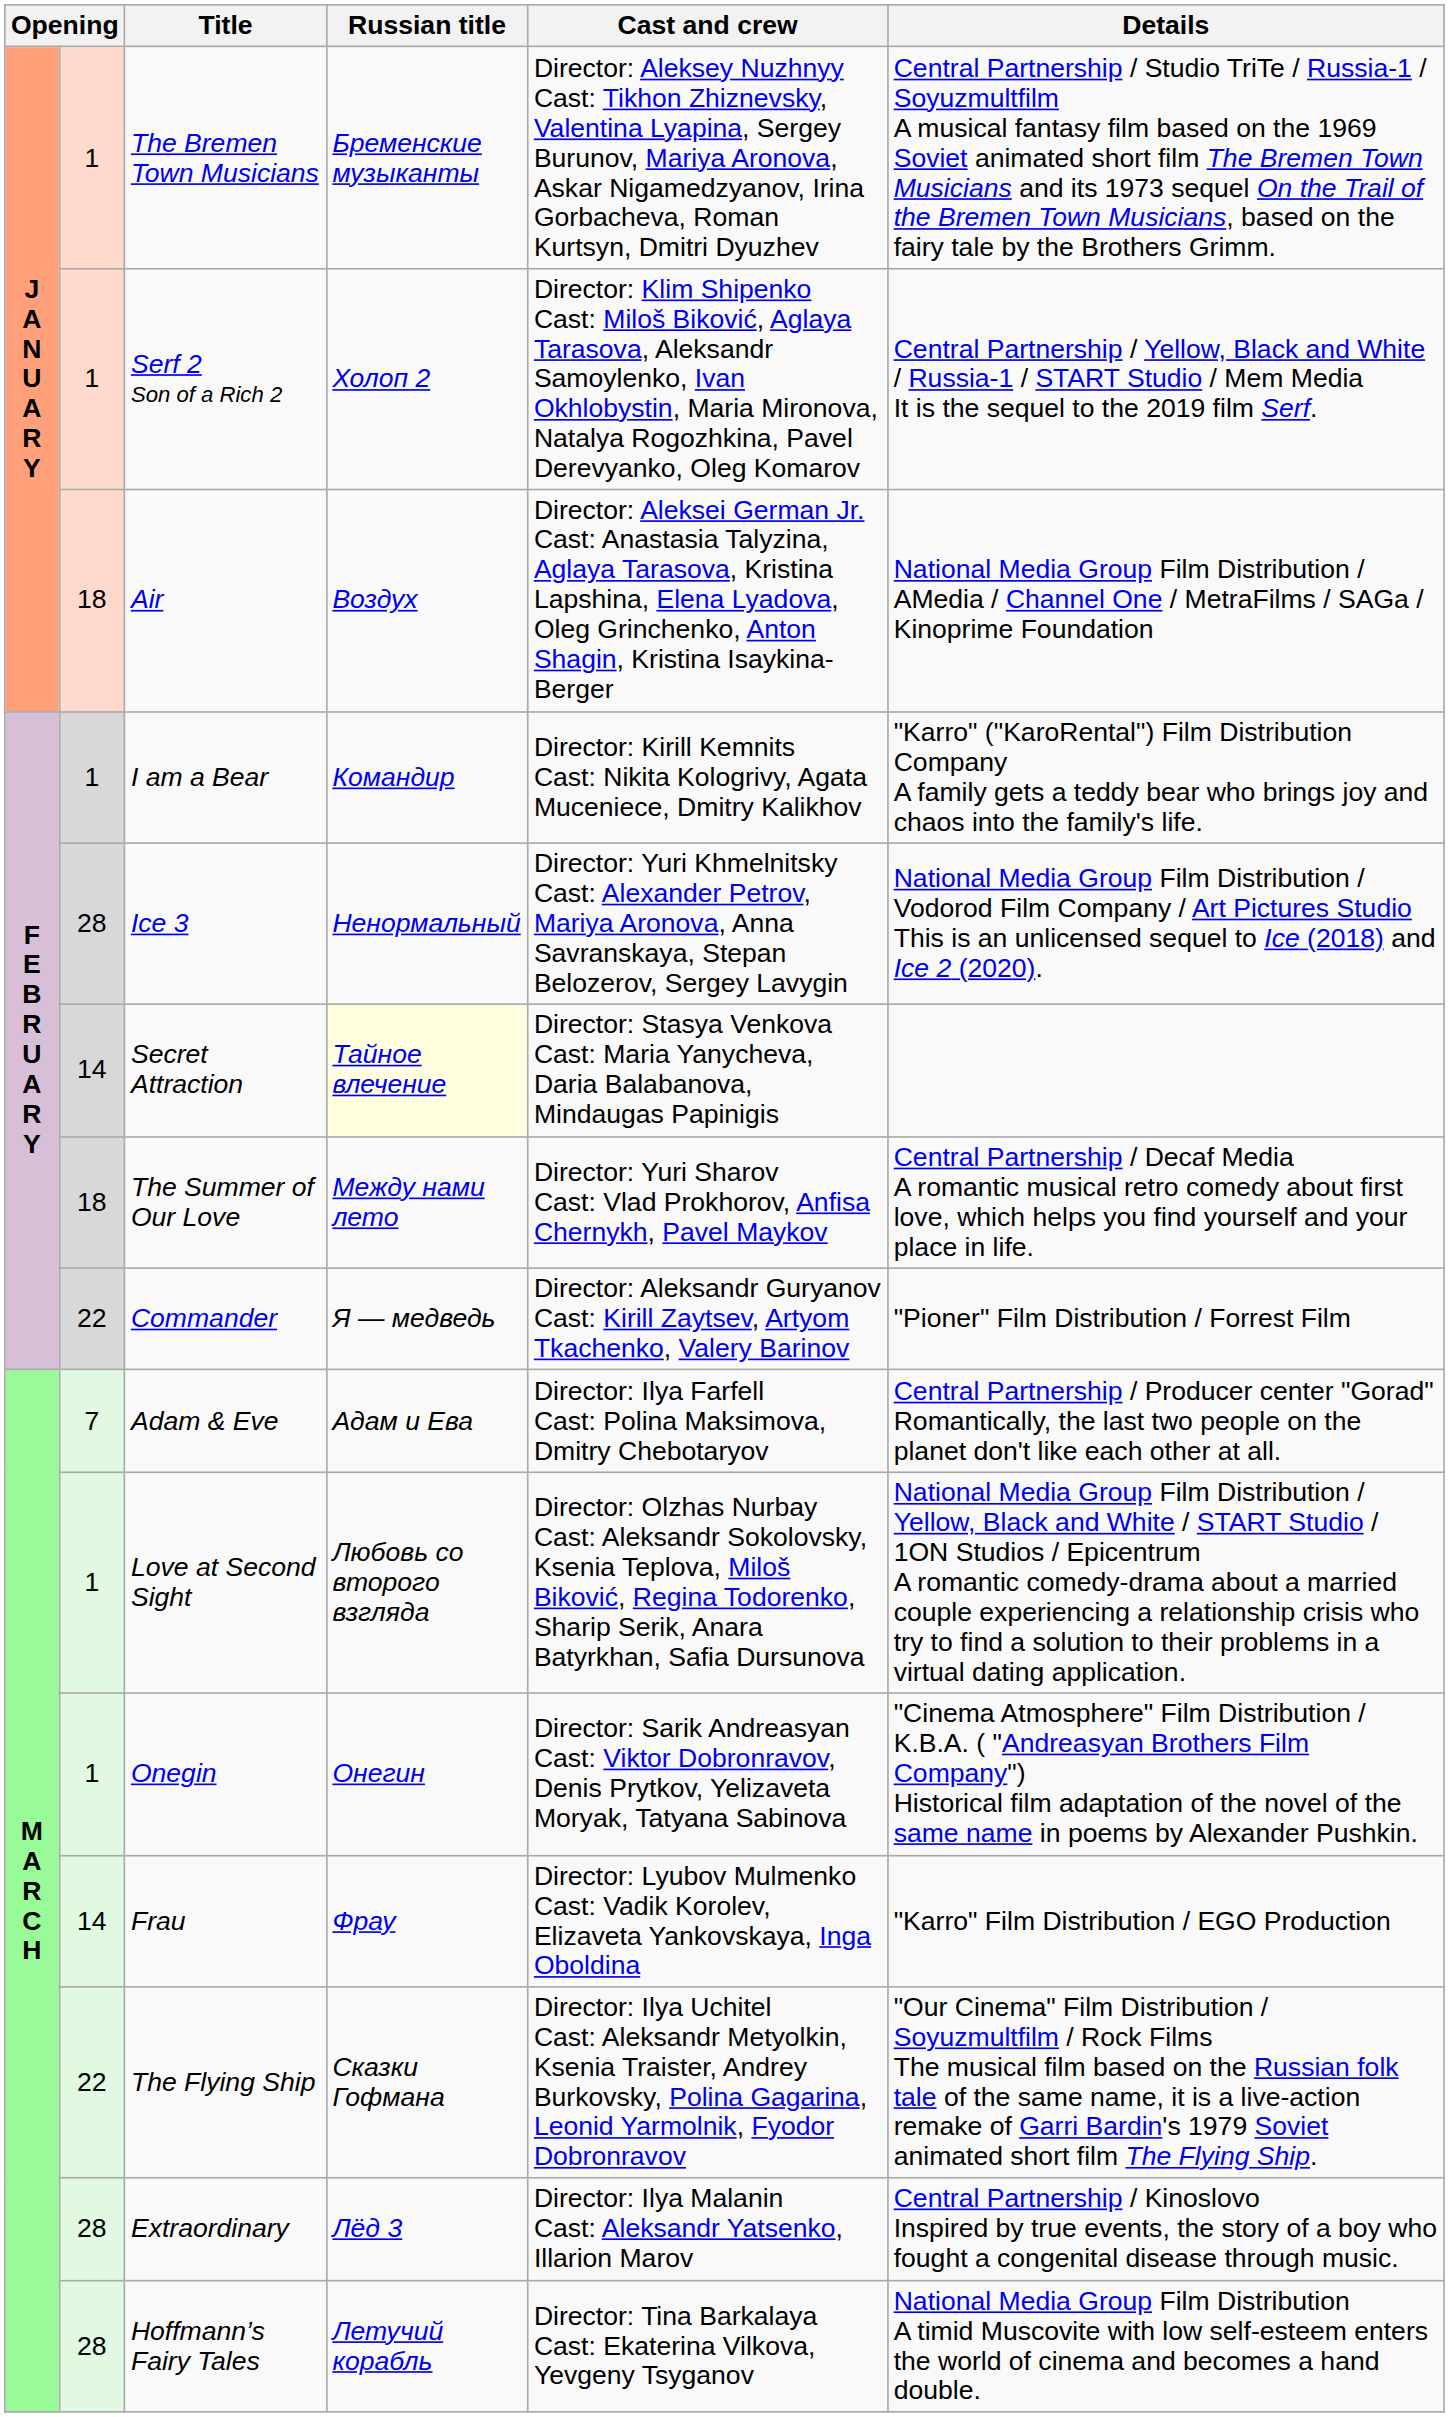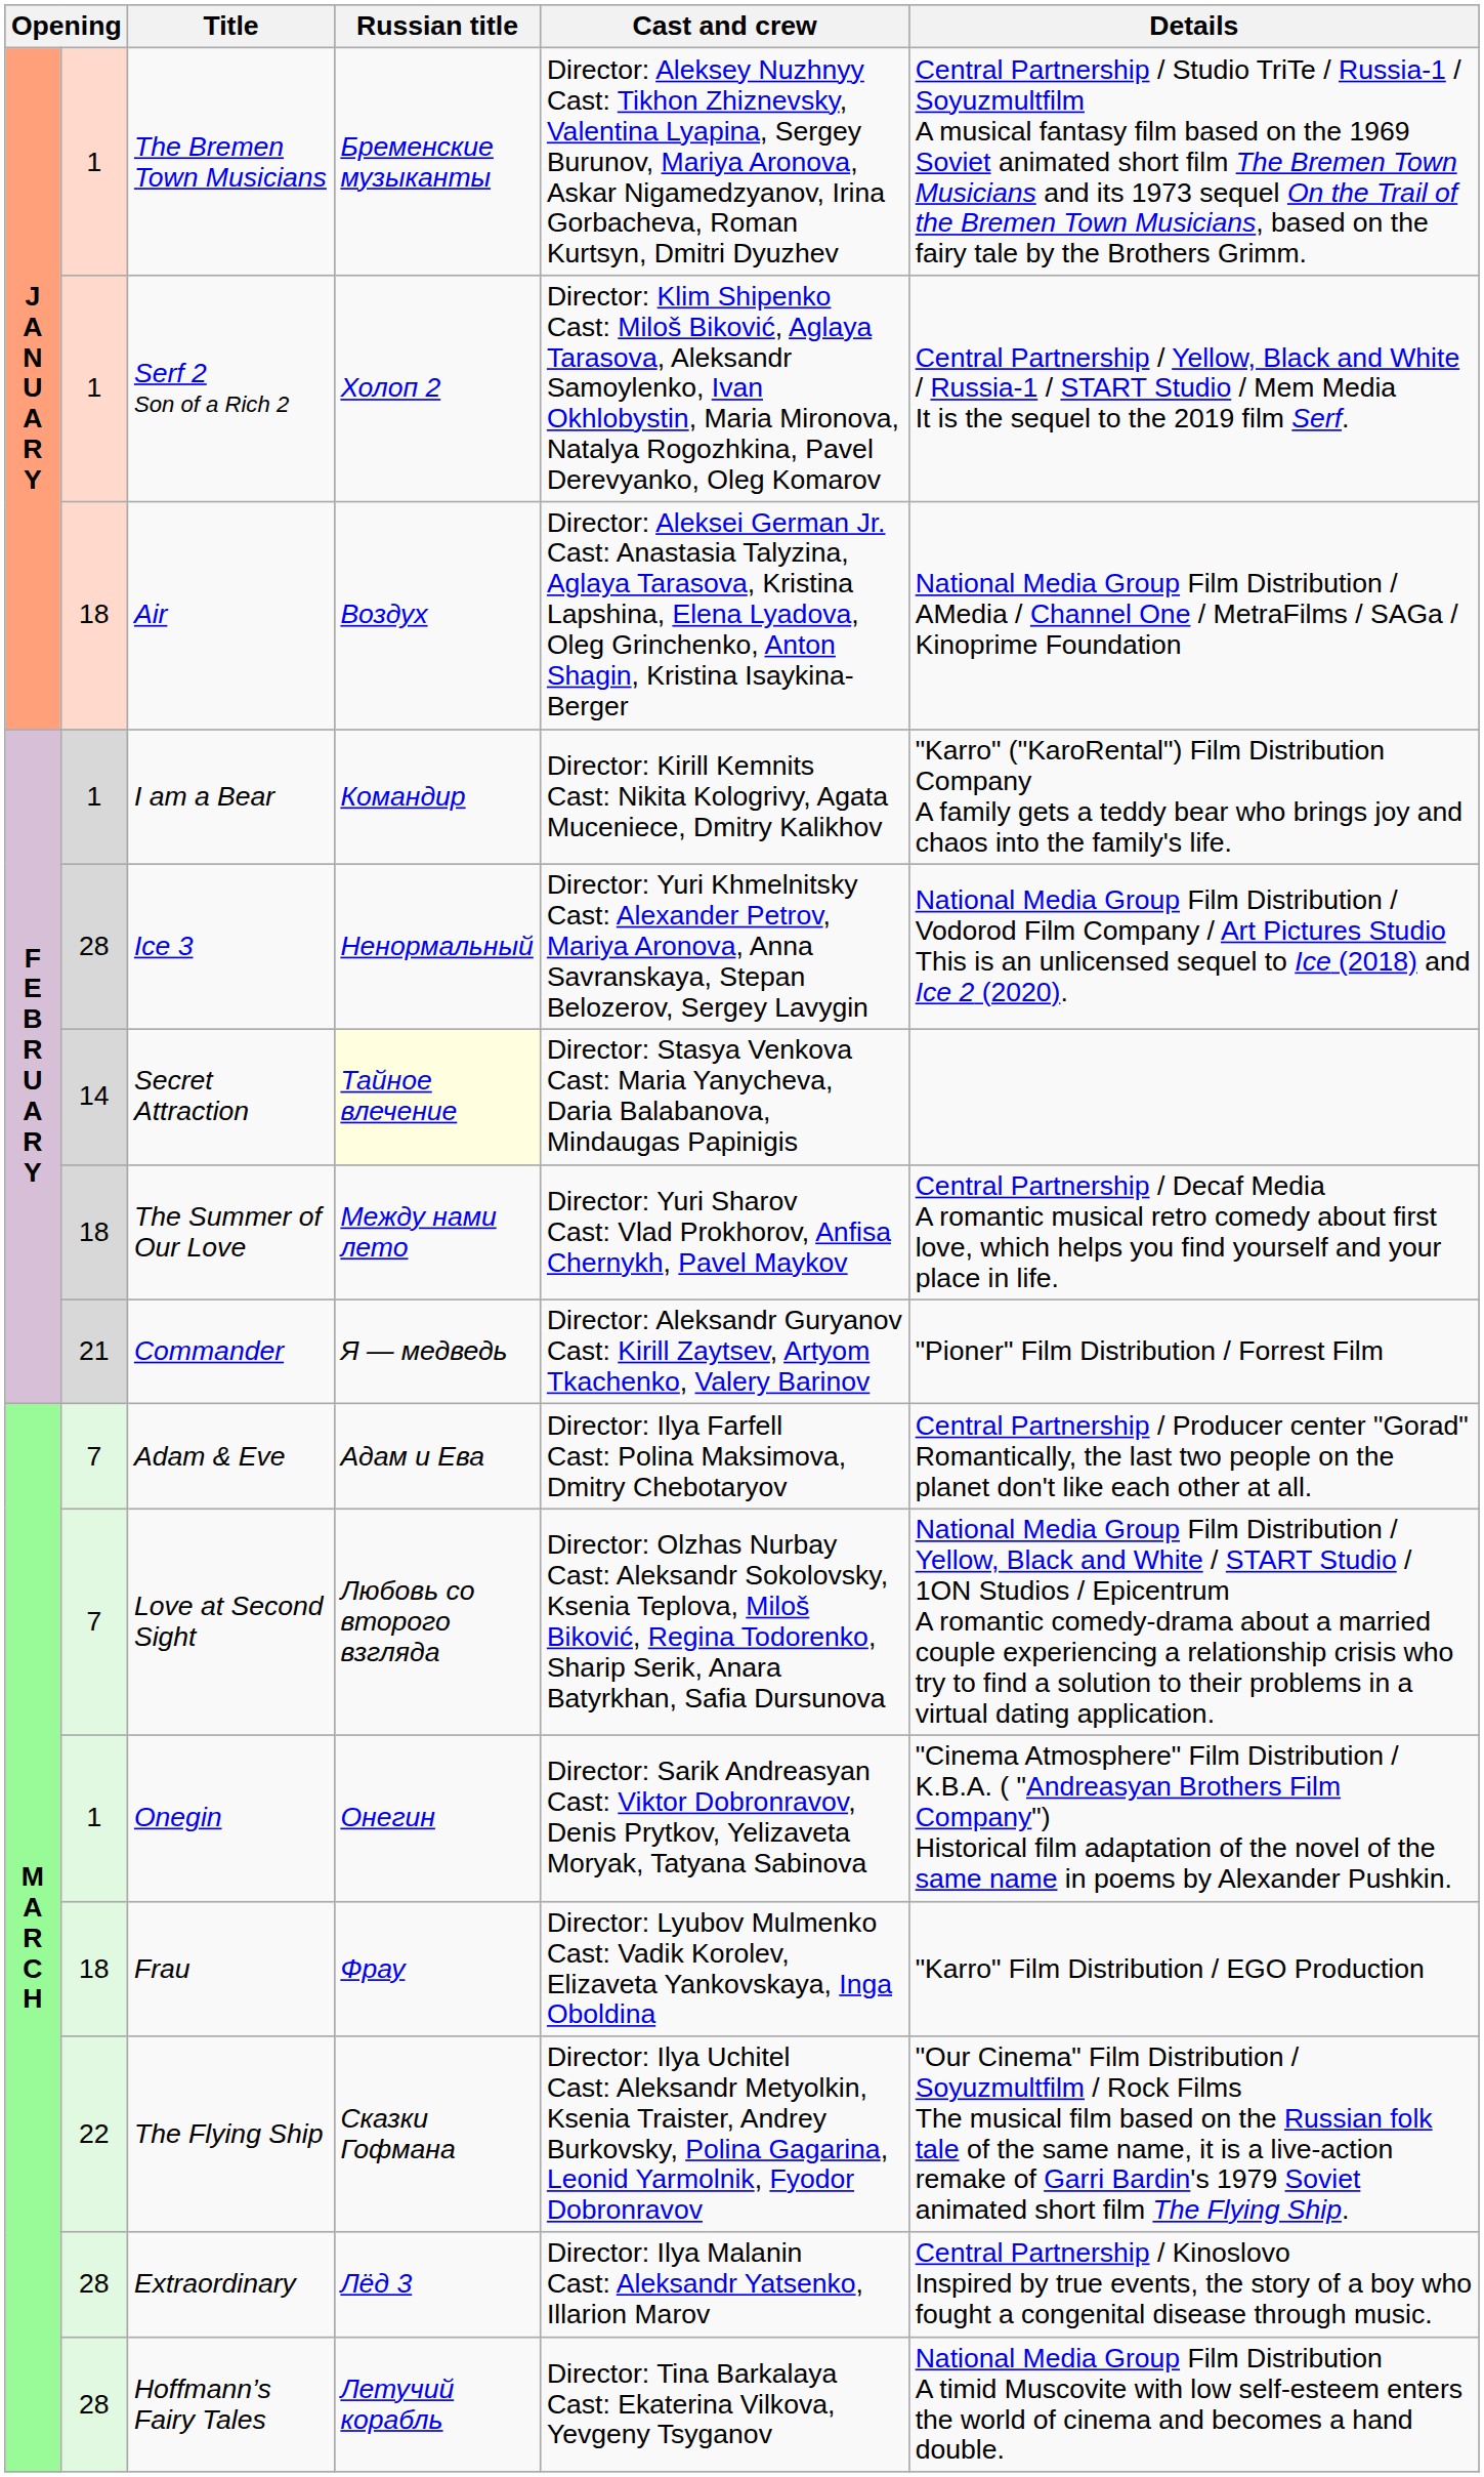 <table class="wikitable">
 <tr>
 <th colspan="2">Opening</th>
 <th style="width:14%;">Title</th>
 <th style="width:14%;">Russian title</th>
 <th style="width:25%;">Cast and crew</th>
 <th>Details</th>
 </tr>
 <tr>
 <th rowspan="3" align="center" style="background:#ffa07a; textcolor:#000;">J<br>A<br>N<br>U<br>A<br>R<br>Y</th>
 <td align="center" style="background:#ffdacc;">1</td>
 <td><em><a href='#'>The Bremen Town Musicians</a></em></td>
 <td><em><a href='#'>Бременские музыканты</a></em></td>
 <td>Director: <a href='#'>Aleksey Nuzhnyy</a> <br> Cast: <a href='#'>Tikhon Zhiznevsky</a>, <a href='#'>Valentina Lyapina</a>, Sergey Burunov, <a href='#'>Mariya Aronova</a>, Askar Nigamedzyanov, Irina Gorbacheva, Roman Kurtsyn, Dmitri Dyuzhev</td>
 <td><a href='#'>Central Partnership</a> / Studio TriTe / <a href='#'>Russia-1</a> / <a href='#'>Soyuzmultfilm</a> <br> A musical fantasy film based on the 1969 <a href='#'>Soviet</a> animated short film <em><a href='#'>The Bremen Town Musicians</a></em> and its 1973 sequel <em><a href='#'>On the Trail of the Bremen Town Musicians</a></em>, based on the fairy tale by the Brothers Grimm.</td>
 </tr>
 <tr>
 <td align="center" style="background:#ffdacc;">1</td>
 <td><em><a href='#'>Serf 2</a></em> <br> <small><em>Son of a Rich 2</em></small></td>
 <td><em><a href='#'>Холоп 2</a></em></td>
 <td>Director: <a href='#'>Klim Shipenko</a> <br> Cast: <a href='#'>Miloš Biković</a>, <a href='#'>Aglaya Tarasova</a>, Aleksandr Samoylenko, <a href='#'>Ivan Okhlobystin</a>, Maria Mironova, Natalya Rogozhkina, Pavel Derevyanko, Oleg Komarov</td>
 <td><a href='#'>Central Partnership</a> / <a href='#'>Yellow, Black and White</a> / <a href='#'>Russia-1</a> / <a href='#'>START Studio</a> / Mem Media <br> It is the sequel to the 2019 film <em><a href='#'>Serf</a></em>.</td>
 </tr>
 <tr>
 <td align="center" style="background:#ffdacc;">18</td>
 <td><em><a href='#'>Air</a></em></td>
 <td><em><a href='#'>Воздух</a></em></td>
 <td>Director: <a href='#'>Aleksei German Jr.</a> <br> Cast: Anastasia Talyzina, <a href='#'>Aglaya Tarasova</a>, Kristina Lapshina, <a href='#'>Elena Lyadova</a>, Oleg Grinchenko, <a href='#'>Anton Shagin</a>, Kristina Isaykina-Berger</td>
 <td><a href='#'>National Media Group</a> Film Distribution / AMedia / <a href='#'>Channel One</a>  / MetraFilms / SAGa / Kinoprime Foundation</td>
 </tr>
 <tr>
 <th rowspan="5" align="center" style="background:thistle; textcolor:#000;">F<br>E<br>B<br>R<br>U<br>A<br>R<br>Y</th>
 <td align="center" style="background:#d8d8d8;">1</td>
 <td><em>I am a Bear</em></td>
 <td><em><a href='#'>Командир</a></em></td>
 <td>Director: Kirill Kemnits <br> Cast: Nikita Kologrivy, Agata Muceniece, Dmitry Kalikhov</td>
 <td>"Karro" ("KaroRental") Film Distribution Company <br> A family gets a teddy bear who brings joy and chaos into the family's life.</td>
 </tr>
 <tr>
 <td align="center" style="background:#d8d8d8;">28</td>
 <td><em><a href='#'>Ice 3</a></em></td>
 <td><em><a href='#'>Ненормальный</a></em></td>
 <td>Director: Yuri Khmelnitsky <br> Cast: <a href='#'>Alexander Petrov</a>, <a href='#'>Mariya Aronova</a>, Anna Savranskaya, Stepan Belozerov, Sergey Lavygin</td>
 <td><a href='#'>National Media Group</a> Film Distribution / Vodorod Film Company / <a href='#'>Art Pictures Studio</a> <br> This is an unlicensed sequel to  <a href='#'><em>Ice</em> (2018)</a> and <a href='#'><em>Ice 2</em> (2020)</a>.</td>
 </tr>
 <tr>
 <td align="center" style="background:#d8d8d8;">14</td>
 <td><em>Secret Attraction</em></td>
 <td style="background: lightyellow;"><em><a href='#'>Тайное влечение</a></em></td>
 <td>Director: Stasya Venkova <br> Cast: Maria Yanycheva, Daria Balabanova, Mindaugas Papinigis</td>
 <td></td>
 </tr>
 <tr>
 <td align="center" style="background:#d8d8d8;">18</td>
 <td><em>The Summer of Our Love</em></td>
 <td><em><a href='#'>Между нами лето</a></em></td>
 <td>Director: Yuri Sharov <br> Cast: Vlad Prokhorov, <a href='#'>Anfisa Chernykh</a>, <a href='#'>Pavel Maykov</a></td>
 <td><a href='#'>Central Partnership</a> / Decaf Media <br> A romantic musical retro comedy about first love, which helps you find yourself and your place in life.</td>
 </tr>
 <tr>
-<td align="center" style="background:#d8d8d8;">22</td>
+<td align="center" style="background:#d8d8d8;">21</td>
 <td><em><a href='#'>Commander</a></em></td>
 <td><em>Я — медведь</em></td>
 <td>Director: Aleksandr Guryanov <br> Cast: <a href='#'>Kirill Zaytsev</a>, <a href='#'>Artyom Tkachenko</a>, <a href='#'>Valery Barinov</a></td>
 <td>"Pioner" Film Distribution / Forrest Film</td>
 </tr>
 <tr>
 <th rowspan="7" align="center" style="background:#98fb98; textcolor:#000;">M<br>A<br>R<br>C<br>H</th>
 <td align="center" style="background:#e0f9e0;">7</td>
 <td><em>Adam & Eve</em></td>
 <td><em>Адам и Ева</em></td>
 <td>Director: Ilya Farfell <br> Cast: Polina Maksimova, Dmitry Chebotaryov</td>
 <td><a href='#'>Central Partnership</a> / Producer center "Gorad" <br> Romantically, the last two people on the planet don't like each other at all.</td>
 </tr>
 <tr>
-<td align="center" style="background:#e0f9e0;">1</td>
+<td align="center" style="background:#e0f9e0;">7</td>
 <td><em>Love at Second Sight</em></td>
 <td><em>Любовь со второго взгляда</em></td>
 <td>Director: Olzhas Nurbay <br> Cast: Aleksandr Sokolovsky, Ksenia Teplova, <a href='#'>Miloš Biković</a>, <a href='#'>Regina Todorenko</a>, Sharip Serik, Anara Batyrkhan, Safia Dursunova</td>
 <td><a href='#'>National Media Group</a> Film Distribution / <a href='#'>Yellow, Black and White</a> / <a href='#'>START Studio</a> / 1ON Studios / Epicentrum <br> A romantic comedy-drama about a married couple experiencing a relationship crisis who try to find a solution to their problems in a virtual dating application.</td>
 </tr>
 <tr>
 <td align="center" style="background:#e0f9e0;">1</td>
 <td><em><a href='#'>Onegin</a></em></td>
 <td><em><a href='#'>Онегин</a></em></td>
 <td>Director: Sarik Andreasyan <br> Cast: <a href='#'>Viktor Dobronravov</a>, Denis Prytkov, Yelizaveta Moryak, Tatyana Sabinova</td>
 <td>"Cinema Atmosphere" Film Distribution / K.B.A. ( "<a href='#'>Andreasyan Brothers Film Company</a>") <br> Historical film adaptation of the novel of the <a href='#'>same name</a> in poems by Alexander Pushkin.</td>
 </tr>
 <tr>
-<td align="center" style="background:#e0f9e0;">14</td>
+<td align="center" style="background:#e0f9e0;">18</td>
 <td><em>Frau</em></td>
 <td><em><a href='#'>Фрау</a></em></td>
 <td>Director: Lyubov Mulmenko <br> Cast: Vadik Korolev, Elizaveta Yankovskaya, <a href='#'>Inga Oboldina</a></td>
 <td>"Karro" Film Distribution / EGO Production</td>
 </tr>
 <tr>
 <td align="center" style="background:#e0f9e0;">22</td>
 <td><em>The Flying Ship</em></td>
 <td><em>Сказки Гофмана</em></td>
 <td>Director: Ilya Uchitel <br> Cast: Aleksandr Metyolkin, Ksenia Traister, Andrey Burkovsky, <a href='#'>Polina Gagarina</a>, <a href='#'>Leonid Yarmolnik</a>, <a href='#'>Fyodor Dobronravov</a></td>
 <td>"Our Cinema" Film Distribution / <a href='#'>Soyuzmultfilm</a> / Rock Films <br> The musical film based on the <a href='#'>Russian folk tale</a> of the same name, it is a live-action remake of <a href='#'>Garri Bardin</a>'s 1979 <a href='#'>Soviet</a> animated short film <em><a href='#'>The Flying Ship</a></em>.</td>
 </tr>
 <tr>
 <td align="center" style="background:#e0f9e0;">28</td>
 <td><em>Extraordinary</em></td>
 <td><em><a href='#'>Лёд 3</a></em></td>
 <td>Director: Ilya Malanin <br> Cast: <a href='#'>Aleksandr Yatsenko</a>, Illarion Marov</td>
 <td><a href='#'>Central Partnership</a> / Kinoslovo <br> Inspired by true events, the story of a boy who fought a congenital disease through music.</td>
 </tr>
 <tr>
 <td align="center" style="background:#e0f9e0;">28</td>
 <td><em>Hoffmann’s Fairy Tales</em></td>
 <td><em><a href='#'>Летучий корабль</a></em></td>
 <td>Director: Tina Barkalaya <br> Cast: Ekaterina Vilkova, Yevgeny Tsyganov</td>
 <td><a href='#'>National Media Group</a> Film Distribution <br> A timid Muscovite with low self-esteem enters the world of cinema and becomes a hand double.</td>
 </tr>
 </table>
